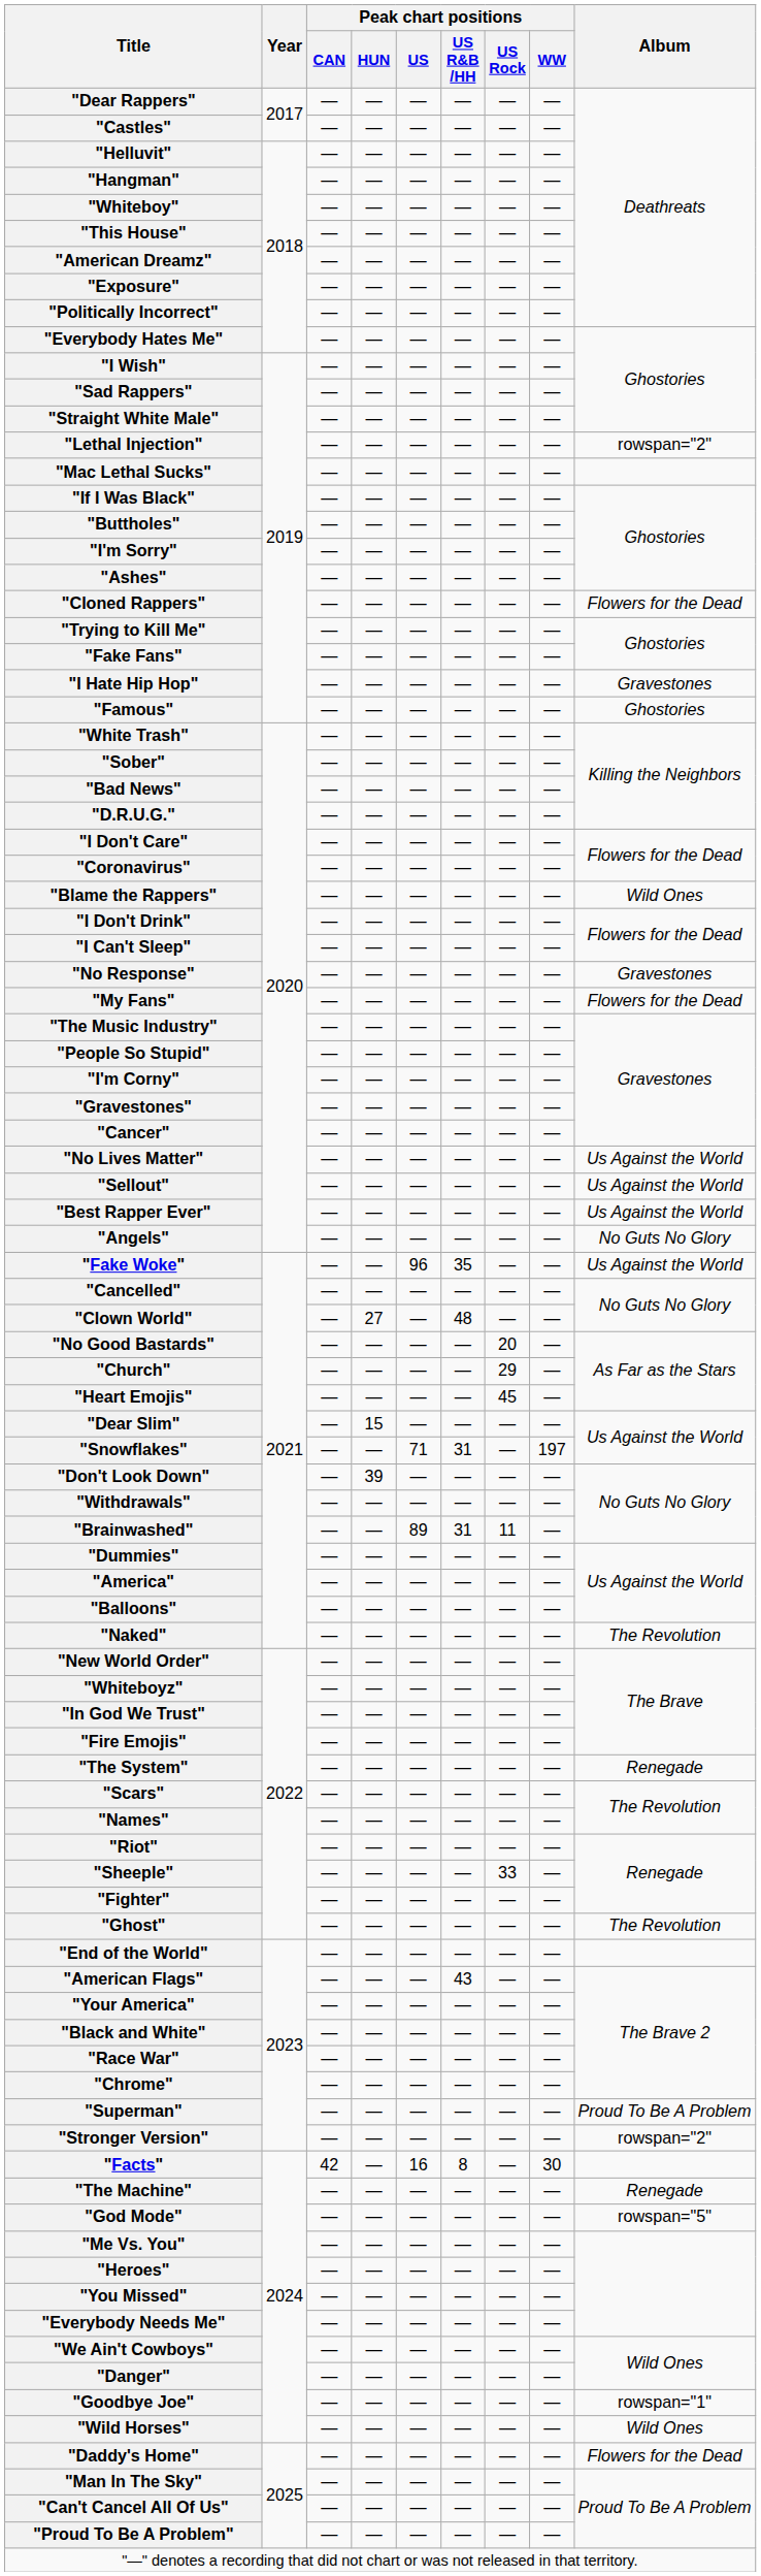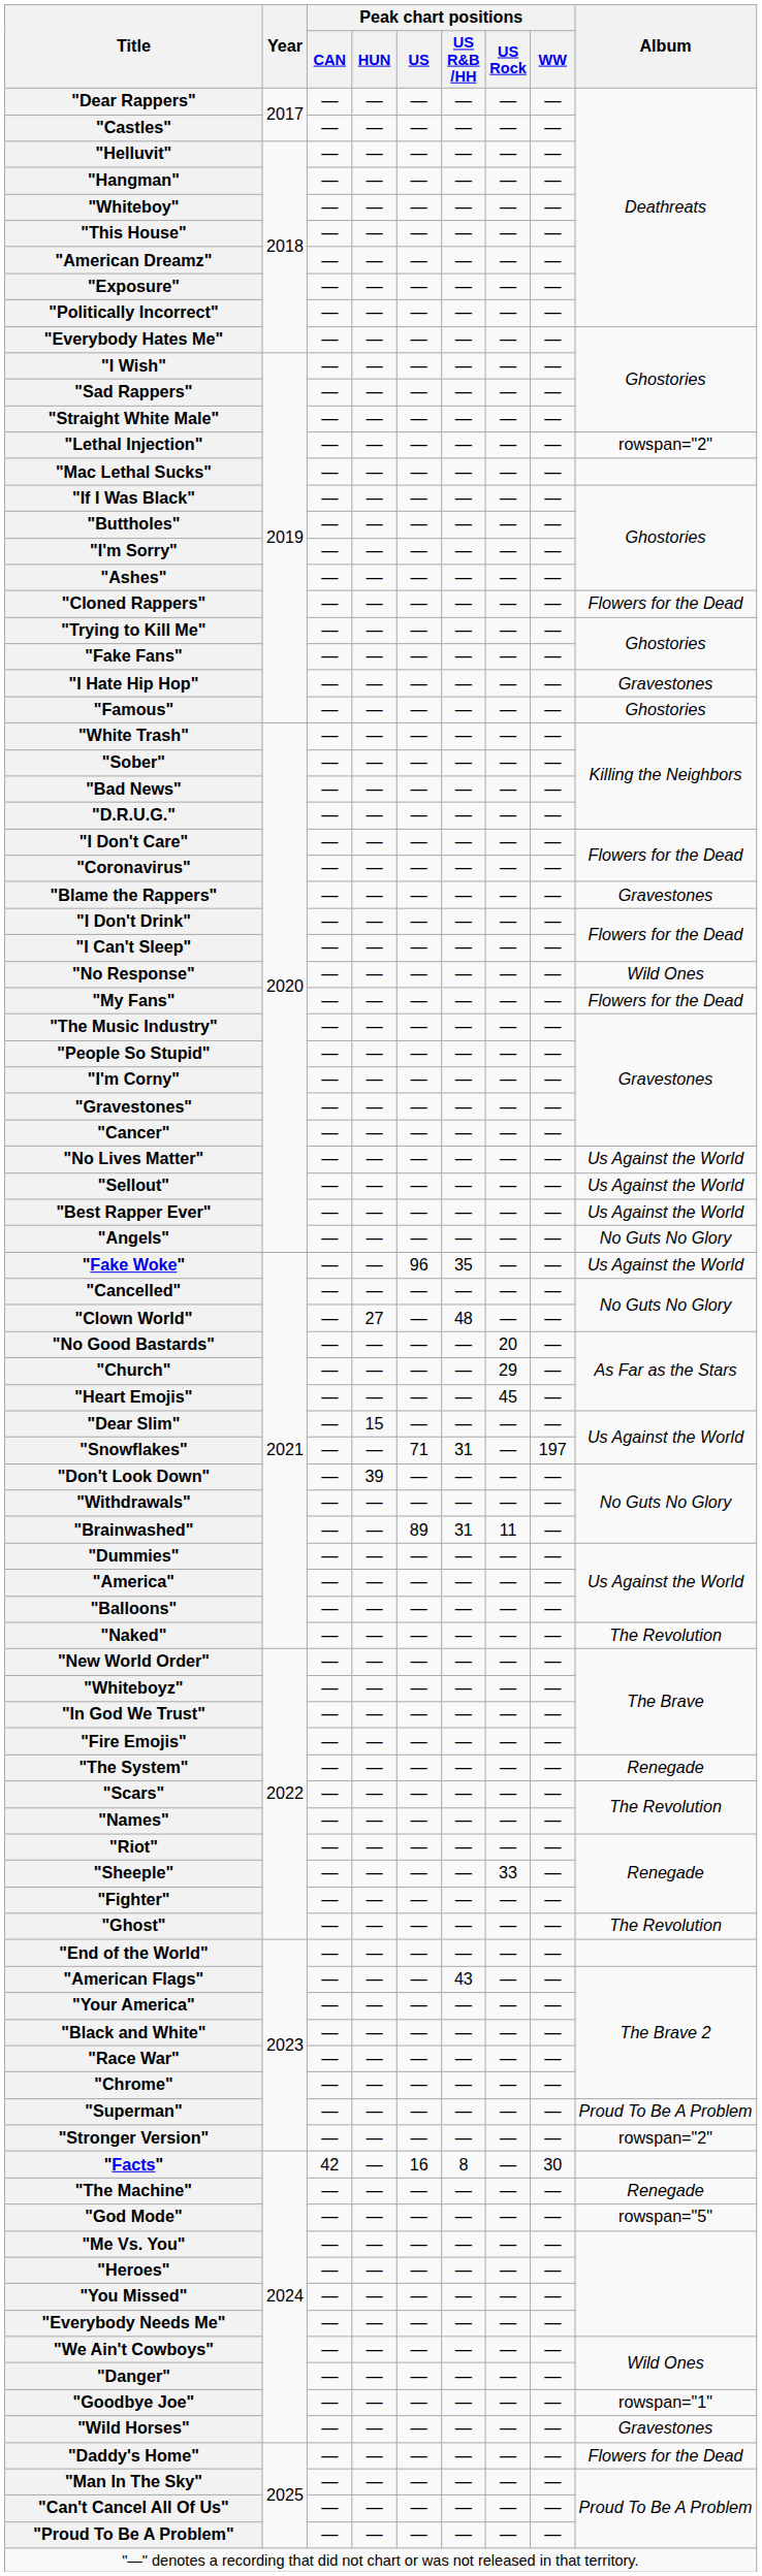 <table class="wikitable plainrowheaders" style="text-align:center;">
 <tr>
 <th scope="col" rowspan="2" style="width:15em;">Title</th>
 <th scope="col" rowspan="2">Year</th>
 <th scope="col" colspan="6">Peak chart positions</th>
 <th scope="col" rowspan="2">Album</th>
 </tr>
 <tr>
 <th scope="col" style="width:2.5em;font-size:90%;"><a href='#'>CAN</a><br></th>
 <th scope="col" style="width:2.5em;font-size:90%;"><a href='#'>HUN</a><br></th>
 <th scope="col" style="width:2.5em;font-size:90%;"><a href='#'>US</a><br></th>
 <th scope="col" style="width:2.5em;font-size:90%;"><a href='#'>US<br>R&B<br>/HH</a><br></th>
 <th scope="col" style="width:2.5em;font-size:90%;"><a href='#'>US<br>Rock</a><br></th>
 <th scope="col" style="width:2.5em;font-size:90%;"><a href='#'>WW</a><br></th>
 </tr>
 <tr>
 <th scope="row">"Dear Rappers"</th>
 <td rowspan="2">2017</td>
 <td>—</td>
 <td>—</td>
 <td>—</td>
 <td>—</td>
 <td>—</td>
 <td>—</td>
 <td rowspan="9"><em>Deathreats</em></td>
 </tr>
 <tr>
 <th scope="row">"Castles"<br></th>
 <td>—</td>
 <td>—</td>
 <td>—</td>
 <td>—</td>
 <td>—</td>
 <td>—</td>
 </tr>
 <tr>
 <th scope="row">"Helluvit"</th>
 <td rowspan="8">2018</td>
 <td>—</td>
 <td>—</td>
 <td>—</td>
 <td>—</td>
 <td>—</td>
 <td>—</td>
 </tr>
 <tr>
 <th scope="row">"Hangman"</th>
 <td>—</td>
 <td>—</td>
 <td>—</td>
 <td>—</td>
 <td>—</td>
 <td>—</td>
 </tr>
 <tr>
 <th scope="row">"Whiteboy"</th>
 <td>—</td>
 <td>—</td>
 <td>—</td>
 <td>—</td>
 <td>—</td>
 <td>—</td>
 </tr>
 <tr>
 <th scope="row">"This House"</th>
 <td>—</td>
 <td>—</td>
 <td>—</td>
 <td>—</td>
 <td>—</td>
 <td>—</td>
 </tr>
 <tr>
 <th scope="row">"American Dreamz"</th>
 <td>—</td>
 <td>—</td>
 <td>—</td>
 <td>—</td>
 <td>—</td>
 <td>—</td>
 </tr>
 <tr>
 <th scope="row">"Exposure"</th>
 <td>—</td>
 <td>—</td>
 <td>—</td>
 <td>—</td>
 <td>—</td>
 <td>—</td>
 </tr>
 <tr>
 <th scope="row">"Politically Incorrect"</th>
 <td>—</td>
 <td>—</td>
 <td>—</td>
 <td>—</td>
 <td>—</td>
 <td>—</td>
 </tr>
 <tr>
 <th scope="row">"Everybody Hates Me"</th>
 <td>—</td>
 <td>—</td>
 <td>—</td>
 <td>—</td>
 <td>—</td>
 <td>—</td>
 <td rowspan="4"><em>Ghostories</em></td>
 </tr>
 <tr>
 <th scope="row">"I Wish"</th>
 <td rowspan="14">2019</td>
 <td>—</td>
 <td>—</td>
 <td>—</td>
 <td>—</td>
 <td>—</td>
 <td>—</td>
 </tr>
 <tr>
 <th scope="row">"Sad Rappers"</th>
 <td>—</td>
 <td>—</td>
 <td>—</td>
 <td>—</td>
 <td>—</td>
 <td>—</td>
 </tr>
 <tr>
 <th scope="row">"Straight White Male"</th>
 <td>—</td>
 <td>—</td>
 <td>—</td>
 <td>—</td>
 <td>—</td>
 <td>—</td>
 </tr>
 <tr>
 <th scope="row">"Lethal Injection"</th>
 <td>—</td>
 <td>—</td>
 <td>—</td>
 <td>—</td>
 <td>—</td>
 <td>—</td>
 <td>rowspan="2" </td>
 </tr>
 <tr>
 <th scope="row">"Mac Lethal Sucks"</th>
 <td>—</td>
 <td>—</td>
 <td>—</td>
 <td>—</td>
 <td>—</td>
 <td>—</td>
 </tr>
 <tr>
 <th scope="row">"If I Was Black"</th>
 <td>—</td>
 <td>—</td>
 <td>—</td>
 <td>—</td>
 <td>—</td>
 <td>—</td>
 <td rowspan="4"><em>Ghostories</em></td>
 </tr>
 <tr>
 <th scope="row">"Buttholes"</th>
 <td>—</td>
 <td>—</td>
 <td>—</td>
 <td>—</td>
 <td>—</td>
 <td>—</td>
 </tr>
 <tr>
 <th scope="row">"I'm Sorry"</th>
 <td>—</td>
 <td>—</td>
 <td>—</td>
 <td>—</td>
 <td>—</td>
 <td>—</td>
 </tr>
 <tr>
 <th scope="row">"Ashes"</th>
 <td>—</td>
 <td>—</td>
 <td>—</td>
 <td>—</td>
 <td>—</td>
 <td>—</td>
 </tr>
 <tr>
 <th scope="row">"Cloned Rappers"</th>
 <td>—</td>
 <td>—</td>
 <td>—</td>
 <td>—</td>
 <td>—</td>
 <td>—</td>
 <td><em>Flowers for the Dead</em></td>
 </tr>
 <tr>
 <th scope="row">"Trying to Kill Me"</th>
 <td>—</td>
 <td>—</td>
 <td>—</td>
 <td>—</td>
 <td>—</td>
 <td>—</td>
 <td rowspan="2"><em>Ghostories</em></td>
 </tr>
 <tr>
 <th scope="row">"Fake Fans"</th>
 <td>—</td>
 <td>—</td>
 <td>—</td>
 <td>—</td>
 <td>—</td>
 <td>—</td>
 </tr>
 <tr>
 <th scope="row">"I Hate Hip Hop"</th>
 <td>—</td>
 <td>—</td>
 <td>—</td>
 <td>—</td>
 <td>—</td>
 <td>—</td>
 <td><em>Gravestones</em></td>
 </tr>
 <tr>
 <th scope="row">"Famous"</th>
 <td>—</td>
 <td>—</td>
 <td>—</td>
 <td>—</td>
 <td>—</td>
 <td>—</td>
 <td><em>Ghostories</em></td>
 </tr>
 <tr>
 <th scope="row">"White Trash"<br></th>
 <td rowspan="20">2020</td>
 <td>—</td>
 <td>—</td>
 <td>—</td>
 <td>—</td>
 <td>—</td>
 <td>—</td>
 <td rowspan="4"><em>Killing the Neighbors</em></td>
 </tr>
 <tr>
 <th scope="row">"Sober"<br></th>
 <td>—</td>
 <td>—</td>
 <td>—</td>
 <td>—</td>
 <td>—</td>
 <td>—</td>
 </tr>
 <tr>
 <th scope="row">"Bad News"<br></th>
 <td>—</td>
 <td>—</td>
 <td>—</td>
 <td>—</td>
 <td>—</td>
 <td>—</td>
 </tr>
 <tr>
 <th scope="row">"D.R.U.G."<br></th>
 <td>—</td>
 <td>—</td>
 <td>—</td>
 <td>—</td>
 <td>—</td>
 <td>—</td>
 </tr>
 <tr>
 <th scope="row">"I Don't Care"</th>
 <td>—</td>
 <td>—</td>
 <td>—</td>
 <td>—</td>
 <td>—</td>
 <td>—</td>
 <td rowspan="2"><em>Flowers for the Dead</em></td>
 </tr>
 <tr>
 <th scope="row">"Coronavirus"</th>
 <td>—</td>
 <td>—</td>
 <td>—</td>
 <td>—</td>
 <td>—</td>
 <td>—</td>
 </tr>
 <tr>
 <th scope="row">"Blame the Rappers"<br></th>
 <td>—</td>
 <td>—</td>
 <td>—</td>
 <td>—</td>
 <td>—</td>
 <td>—</td>
-<td rowspan="1"><em>Wild Ones</em></td>
+<td><em>Gravestones</em></td>
 </tr>
 <tr>
 <th scope="row">"I Don't Drink"</th>
 <td>—</td>
 <td>—</td>
 <td>—</td>
 <td>—</td>
 <td>—</td>
 <td>—</td>
 <td rowspan="2"><em>Flowers for the Dead</em></td>
 </tr>
 <tr>
 <th scope="row">"I Can't Sleep"</th>
 <td>—</td>
 <td>—</td>
 <td>—</td>
 <td>—</td>
 <td>—</td>
 <td>—</td>
 </tr>
 <tr>
 <th scope="row">"No Response"</th>
 <td>—</td>
 <td>—</td>
 <td>—</td>
 <td>—</td>
 <td>—</td>
 <td>—</td>
-<td><em>Gravestones</em></td>
+<td rowspan="1"><em>Wild Ones</em></td>
 </tr>
 <tr>
 <th scope="row">"My Fans"</th>
 <td>—</td>
 <td>—</td>
 <td>—</td>
 <td>—</td>
 <td>—</td>
 <td>—</td>
 <td><em>Flowers for the Dead</em></td>
 </tr>
 <tr>
 <th scope="row">"The Music Industry"</th>
 <td>—</td>
 <td>—</td>
 <td>—</td>
 <td>—</td>
 <td>—</td>
 <td>—</td>
 <td rowspan="5"><em>Gravestones</em></td>
 </tr>
 <tr>
 <th scope="row">"People So Stupid"</th>
 <td>—</td>
 <td>—</td>
 <td>—</td>
 <td>—</td>
 <td>—</td>
 <td>—</td>
 </tr>
 <tr>
 <th scope="row">"I'm Corny"</th>
 <td>—</td>
 <td>—</td>
 <td>—</td>
 <td>—</td>
 <td>—</td>
 <td>—</td>
 </tr>
 <tr>
 <th scope="row">"Gravestones"</th>
 <td>—</td>
 <td>—</td>
 <td>—</td>
 <td>—</td>
 <td>—</td>
 <td>—</td>
 </tr>
 <tr>
 <th scope="row">"Cancer"</th>
 <td>—</td>
 <td>—</td>
 <td>—</td>
 <td>—</td>
 <td>—</td>
 <td>—</td>
 </tr>
 <tr>
 <th scope="row">"No Lives Matter"</th>
 <td>—</td>
 <td>—</td>
 <td>—</td>
 <td>—</td>
 <td>—</td>
 <td>—</td>
 <td><em>Us Against the World</em></td>
 </tr>
 <tr>
 <th scope="row">"Sellout"</th>
 <td>—</td>
 <td>—</td>
 <td>—</td>
 <td>—</td>
 <td>—</td>
 <td>—</td>
 <td><em>Us Against the World</em></td>
 </tr>
 <tr>
 <th scope="row">"Best Rapper Ever"</th>
 <td>—</td>
 <td>—</td>
 <td>—</td>
 <td>—</td>
 <td>—</td>
 <td>—</td>
 <td><em>Us Against the World</em></td>
 </tr>
 <tr>
 <th scope="row">"Angels"</th>
 <td>—</td>
 <td>—</td>
 <td>—</td>
 <td>—</td>
 <td>—</td>
 <td>—</td>
 <td><em>No Guts No Glory</em></td>
 </tr>
 <tr>
 <th scope="row">"<a href='#'>Fake Woke</a>"</th>
 <td rowspan="15">2021</td>
 <td>—</td>
 <td>—</td>
 <td>96</td>
 <td>35</td>
 <td>—</td>
 <td>—</td>
 <td><em>Us Against the World</em></td>
 </tr>
 <tr>
 <th scope="row">"Cancelled"</th>
 <td>—</td>
 <td>—</td>
 <td>—</td>
 <td>—</td>
 <td>—</td>
 <td>—</td>
 <td rowspan="2"><em>No Guts No Glory</em></td>
 </tr>
 <tr>
 <th scope="row">"Clown World"</th>
 <td>—</td>
 <td>27</td>
 <td>—</td>
 <td>48</td>
 <td>—</td>
 <td>—</td>
 </tr>
 <tr>
 <th scope="row">"No Good Bastards"<br></th>
 <td>—</td>
 <td>—</td>
 <td>—</td>
 <td>—</td>
 <td>20</td>
 <td>—</td>
 <td rowspan="3"><em>As Far as the Stars</em></td>
 </tr>
 <tr>
 <th scope="row">"Church"<br></th>
 <td>—</td>
 <td>—</td>
 <td>—</td>
 <td>—</td>
 <td>29</td>
 <td>—</td>
 </tr>
 <tr>
 <th scope="row">"Heart Emojis"<br></th>
 <td>—</td>
 <td>—</td>
 <td>—</td>
 <td>—</td>
 <td>45</td>
 <td>—</td>
 </tr>
 <tr>
 <th scope="row">"Dear Slim"</th>
 <td>—</td>
 <td>15</td>
 <td>—</td>
 <td>—</td>
 <td>—</td>
 <td>—</td>
 <td rowspan="2"><em>Us Against the World</em></td>
 </tr>
 <tr>
 <th scope="row">"Snowflakes"</th>
 <td>—</td>
 <td>—</td>
 <td>71</td>
 <td>31</td>
 <td>—</td>
 <td>197</td>
 </tr>
 <tr>
 <th scope="row">"Don't Look Down"</th>
 <td>—</td>
 <td>39</td>
 <td>—</td>
 <td>—</td>
 <td>—</td>
 <td>—</td>
 <td rowspan="3"><em>No Guts No Glory</em></td>
 </tr>
 <tr>
 <th scope="row">"Withdrawals"</th>
 <td>—</td>
 <td>—</td>
 <td>—</td>
 <td>—</td>
 <td>—</td>
 <td>—</td>
 </tr>
 <tr>
 <th scope="row">"Brainwashed"</th>
 <td>—</td>
 <td>—</td>
 <td>89</td>
 <td>31</td>
 <td>11</td>
 <td>—</td>
 </tr>
 <tr>
 <th scope="row">"Dummies"</th>
 <td>—</td>
 <td>—</td>
 <td>—</td>
 <td>—</td>
 <td>—</td>
 <td>—</td>
 <td rowspan="3"><em>Us Against the World</em></td>
 </tr>
 <tr>
 <th scope="row">"America"</th>
 <td>—</td>
 <td>—</td>
 <td>—</td>
 <td>—</td>
 <td>—</td>
 <td>—</td>
 </tr>
 <tr>
 <th scope="row">"Balloons"</th>
 <td>—</td>
 <td>—</td>
 <td>—</td>
 <td>—</td>
 <td>—</td>
 <td>—</td>
 </tr>
 <tr>
 <th scope="row">"Naked"</th>
 <td>—</td>
 <td>—</td>
 <td>—</td>
 <td>—</td>
 <td>—</td>
 <td>—</td>
 <td><em>The Revolution</em></td>
 </tr>
 <tr>
 <th scope="row">"New World Order"<br></th>
 <td rowspan="11">2022</td>
 <td>—</td>
 <td>—</td>
 <td>—</td>
 <td>—</td>
 <td>—</td>
 <td>—</td>
 <td rowspan="4"><em>The Brave</em></td>
 </tr>
 <tr>
 <th scope="row">"Whiteboyz"<br></th>
 <td>—</td>
 <td>—</td>
 <td>—</td>
 <td>—</td>
 <td>—</td>
 <td>—</td>
 </tr>
 <tr>
 <th scope="row">"In God We Trust"<br></th>
 <td>—</td>
 <td>—</td>
 <td>—</td>
 <td>—</td>
 <td>—</td>
 <td>—</td>
 </tr>
 <tr>
 <th scope="row">"Fire Emojis"<br></th>
 <td>—</td>
 <td>—</td>
 <td>—</td>
 <td>—</td>
 <td>—</td>
 <td>—</td>
 </tr>
 <tr>
 <th scope="row">"The System"</th>
 <td>—</td>
 <td>—</td>
 <td>—</td>
 <td>—</td>
 <td>—</td>
 <td>—</td>
 <td><em>Renegade</em></td>
 </tr>
 <tr>
 <th scope="row">"Scars"</th>
 <td>—</td>
 <td>—</td>
 <td>—</td>
 <td>—</td>
 <td>—</td>
 <td>—</td>
 <td rowspan="2"><em>The Revolution</em></td>
 </tr>
 <tr>
 <th scope="row">"Names"</th>
 <td>—</td>
 <td>—</td>
 <td>—</td>
 <td>—</td>
 <td>—</td>
 <td>—</td>
 </tr>
 <tr>
 <th scope="row">"Riot"<br></th>
 <td>—</td>
 <td>—</td>
 <td>—</td>
 <td>—</td>
 <td>—</td>
 <td>—</td>
 <td rowspan="3"><em>Renegade</em></td>
 </tr>
 <tr>
 <th scope="row">"Sheeple"<br></th>
 <td>—</td>
 <td>—</td>
 <td>—</td>
 <td>—</td>
 <td>33</td>
 <td>—</td>
 </tr>
 <tr>
 <th scope="row">"Fighter"<br></th>
 <td>—</td>
 <td>—</td>
 <td>—</td>
 <td>—</td>
 <td>—</td>
 <td>—</td>
 </tr>
 <tr>
 <th scope="row">"Ghost"<br></th>
 <td>—</td>
 <td>—</td>
 <td>—</td>
 <td>—</td>
 <td>—</td>
 <td>—</td>
 <td><em>The Revolution</em></td>
 </tr>
 <tr>
 <th scope="row">"End of the World"<br></th>
 <td rowspan="8">2023</td>
 <td>—</td>
 <td>—</td>
 <td>—</td>
 <td>—</td>
 <td>—</td>
 <td>—</td>
 <td></td>
 </tr>
 <tr>
 <th scope="row">"American Flags" <br></th>
 <td>—</td>
 <td>—</td>
 <td>—</td>
 <td>43</td>
 <td>—</td>
 <td>—</td>
 <td rowspan="5"><em>The Brave 2</em></td>
 </tr>
 <tr>
 <th scope="row">"Your America"<br></th>
 <td>—</td>
 <td>—</td>
 <td>—</td>
 <td>—</td>
 <td>—</td>
 <td>—</td>
 </tr>
 <tr>
 <th scope="row">"Black and White"<br></th>
 <td>—</td>
 <td>—</td>
 <td>—</td>
 <td>—</td>
 <td>—</td>
 <td>—</td>
 </tr>
 <tr>
 <th scope="row">"Race War"<br></th>
 <td>—</td>
 <td>—</td>
 <td>—</td>
 <td>—</td>
 <td>—</td>
 <td>—</td>
 </tr>
 <tr>
 <th scope="row">"Chrome"<br></th>
 <td>—</td>
 <td>—</td>
 <td>—</td>
 <td>—</td>
 <td>—</td>
 <td>—</td>
 </tr>
 <tr>
 <th scope="row">"Superman"</th>
 <td>—</td>
 <td>—</td>
 <td>—</td>
 <td>—</td>
 <td>—</td>
 <td>—</td>
 <td><em>Proud To Be A Problem</em></td>
 </tr>
 <tr>
 <th scope="row">"Stronger Version"</th>
 <td>—</td>
 <td>—</td>
 <td>—</td>
 <td>—</td>
 <td>—</td>
 <td>—</td>
 <td>rowspan="2" </td>
 </tr>
 <tr>
 <th scope="row">"<a href='#'>Facts</a>"<br></th>
 <td rowspan="11">2024</td>
 <td>42</td>
 <td>—</td>
 <td>16</td>
 <td>8</td>
 <td>—</td>
 <td>30</td>
 </tr>
 <tr>
 <th scope="row">"The Machine"</th>
 <td>—</td>
 <td>—</td>
 <td>—</td>
 <td>—</td>
 <td>—</td>
 <td>—</td>
 <td><em>Renegade</em></td>
 </tr>
 <tr>
 <th scope="row">"God Mode"</th>
 <td>—</td>
 <td>—</td>
 <td>—</td>
 <td>—</td>
 <td>—</td>
 <td>—</td>
 <td>rowspan="5" </td>
 </tr>
 <tr>
 <th scope="row">"Me Vs. You"</th>
 <td>—</td>
 <td>—</td>
 <td>—</td>
 <td>—</td>
 <td>—</td>
 <td>—</td>
 </tr>
 <tr>
 <th scope="row">"Heroes"</th>
 <td>—</td>
 <td>—</td>
 <td>—</td>
 <td>—</td>
 <td>—</td>
 <td>—</td>
 </tr>
 <tr>
 <th scope="row">"You Missed"</th>
 <td>—</td>
 <td>—</td>
 <td>—</td>
 <td>—</td>
 <td>—</td>
 <td>—</td>
 </tr>
 <tr>
 <th scope="row">"Everybody Needs Me"</th>
 <td>—</td>
 <td>—</td>
 <td>—</td>
 <td>—</td>
 <td>—</td>
 <td>—</td>
 </tr>
 <tr>
 <th scope="row">"We Ain't Cowboys" </th>
 <td>—</td>
 <td>—</td>
 <td>—</td>
 <td>—</td>
 <td>—</td>
 <td>—</td>
 <td rowspan="2"><em>Wild Ones</em></td>
 </tr>
 <tr>
 <th scope="row">"Danger" </th>
 <td>—</td>
 <td>—</td>
 <td>—</td>
 <td>—</td>
 <td>—</td>
 <td>—</td>
 </tr>
 <tr>
 <th scope="row">"Goodbye Joe"<br></th>
 <td>—</td>
 <td>—</td>
 <td>—</td>
 <td>—</td>
 <td>—</td>
 <td>—</td>
 <td>rowspan="1" </td>
 </tr>
 <tr>
 <th scope="row">"Wild Horses" </th>
 <td>—</td>
 <td>—</td>
 <td>—</td>
 <td>—</td>
 <td>—</td>
 <td>—</td>
-<td rowspan="1"><em>Wild Ones</em></td>
+<td><em>Gravestones</em></td>
 </tr>
 <tr>
 <th scope="row">"Daddy's Home"<br></th>
 <td rowspan="4">2025</td>
 <td>—</td>
 <td>—</td>
 <td>—</td>
 <td>—</td>
 <td>—</td>
 <td>—</td>
 <td><em>Flowers for the Dead</em></td>
 </tr>
 <tr>
 <th scope="row">"Man In The Sky"</th>
 <td>—</td>
 <td>—</td>
 <td>—</td>
 <td>—</td>
 <td>—</td>
 <td>—</td>
 <td rowspan="3"><em>Proud To Be A Problem</em></td>
 </tr>
 <tr>
 <th scope="row">"Can't Cancel All Of Us"</th>
 <td>—</td>
 <td>—</td>
 <td>—</td>
 <td>—</td>
 <td>—</td>
 <td>—</td>
 </tr>
 <tr>
 <th scope="row">"Proud To Be A Problem"</th>
 <td>—</td>
 <td>—</td>
 <td>—</td>
 <td>—</td>
 <td>—</td>
 <td>—</td>
 </tr>
 <tr>
 <td colspan="9" style="font-size:90%">"—" denotes a recording that did not chart or was not released in that territory.</td>
 </tr>
 </table>
